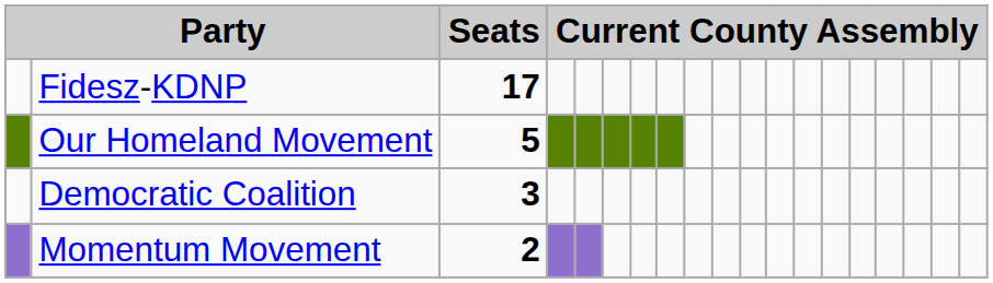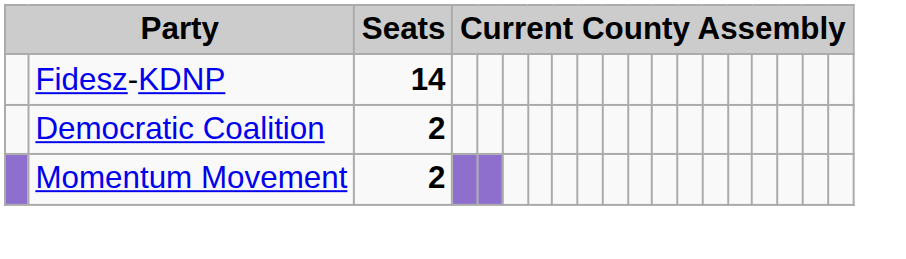 <table class="wikitable">
 <tr>
 <th style="background:#ccc" colspan="2">Party</th>
 <th style="background:#ccc">Seats</th>
 <th style="background:#ccc" colspan="16">Current County Assembly</th>
 </tr>
 <tr>
 <td style="background-color: "> </td>
 <td><a href='#'>Fidesz</a>-<a href='#'>KDNP</a></td>
-<td style="text-align: right"><strong>17</strong></td>
+<td style="text-align: right"><strong>14</strong></td>
 <td style="background-color: "> </td>
 <td style="background-color: "> </td>
 <td style="background-color: "> </td>
 <td style="background-color: "> </td>
 <td style="background-color: "> </td>
 <td style="background-color: "> </td>
 <td style="background-color: "> </td>
 <td style="background-color: "> </td>
 <td style="background-color: "> </td>
 <td style="background-color: "> </td>
 <td style="background-color: "> </td>
 <td style="background-color: "> </td>
 <td style="background-color: "> </td>
 <td style="background-color: "> </td>
 <td> </td>
 <td> </td>
 </tr>
 <tr>
-<td style="background-color: #568203"> </td>
-<td><a href='#'>Our Homeland Movement</a></td>
-<td style="text-align: right"><strong>5</strong></td>
-<td style="background-color: #568203"> </td>
-<td style="background-color: #568203"> </td>
-<td style="background-color: #568203"> </td>
-<td style="background-color: #568203"> </td>
-<td style="background-color: #568203"> </td>
-<td> </td>
-<td> </td>
-<td> </td>
-<td> </td>
-<td> </td>
-<td> </td>
-<td> </td>
-<td> </td>
-<td> </td>
-<td> </td>
-<td> </td>
-</tr>
-<tr>
 <td style="background-color: "> </td>
 <td><a href='#'>Democratic Coalition</a></td>
-<td style="text-align: right"><strong>3</strong></td>
+<td style="text-align: right"><strong>2</strong></td>
 <td style="background-color: "> </td>
 <td style="background-color: "> </td>
 <td> </td>
 <td> </td>
 <td> </td>
 <td> </td>
 <td> </td>
 <td> </td>
 <td> </td>
 <td> </td>
 <td> </td>
 <td> </td>
 <td> </td>
 <td> </td>
 <td> </td>
 </tr>
 <tr>
 <td style="background-color: #8E6FCE"> </td>
 <td><a href='#'>Momentum Movement</a></td>
 <td style="text-align: right"><strong>2</strong></td>
 <td style="background-color: #8E6FCE"> </td>
 <td style="background-color: #8E6FCE"> </td>
 <td> </td>
 <td> </td>
 <td> </td>
 <td> </td>
 <td> </td>
 <td> </td>
 <td> </td>
 <td> </td>
 <td> </td>
 <td> </td>
 <td> </td>
 <td> </td>
 <td> </td>
 <td> </td>
 </tr>
 </table>
